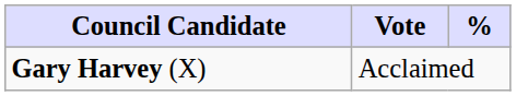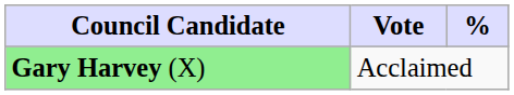 <table class="wikitable sortable">
 <tr>
 <th style="background:#ddf; width:200px;">Council Candidate</th>
 <th style="background:#ddf; width:50px;">Vote</th>
 <th style="background:#ddf; width:30px;">%</th>
 </tr>
 <tr>
-<td><strong>Gary Harvey</strong> (X)</td>
+<td style="background: lightgreen;"><strong>Gary Harvey</strong> (X)</td>
 <td colspan="2">Acclaimed</td>
 </tr>
 </table>
